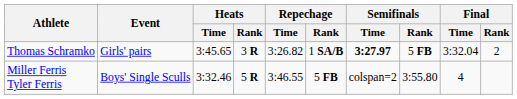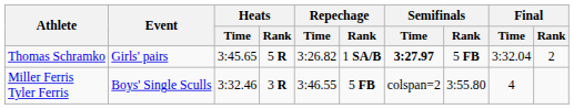 <table class="wikitable" style="font-size:90%">
 <tr>
 <th rowspan="2">Athlete</th>
 <th rowspan="2">Event</th>
 <th colspan="2">Heats</th>
 <th colspan="2">Repechage</th>
 <th colspan="2">Semifinals</th>
 <th colspan="2">Final</th>
 </tr>
 <tr style="font-size:95%">
 <th>Time</th>
 <th>Rank</th>
 <th>Time</th>
 <th>Rank</th>
 <th>Time</th>
 <th>Rank</th>
 <th>Time</th>
 <th>Rank</th>
 </tr>
 <tr align=center>
 <td align=left><a href='#'>Thomas Schramko</a></td>
 <td align=left><a href='#'>Girls' pairs</a></td>
 <td>3:45.65</td>
-<td>3 <strong>R</strong></td>
+<td>5 <strong>R</strong></td>
 <td>3:26.82</td>
 <td>1 <strong>SA/B</strong></td>
 <td><strong>3:27.97</strong></td>
 <td>5 <strong>FB</strong></td>
 <td>3:32.04</td>
 <td>2</td>
 </tr>
 <tr align=center>
 <td align=left><a href='#'>Miller Ferris</a><br><a href='#'>Tyler Ferris</a></td>
 <td align=left><a href='#'>Boys' Single Sculls</a></td>
 <td>3:32.46</td>
-<td>5 <strong>R</strong></td>
+<td>3 <strong>R</strong></td>
 <td>3:46.55</td>
 <td>5 <strong>FB</strong></td>
 <td>colspan=2 </td>
 <td>3:55.80</td>
 <td>4</td>
 </tr>
 </table>
